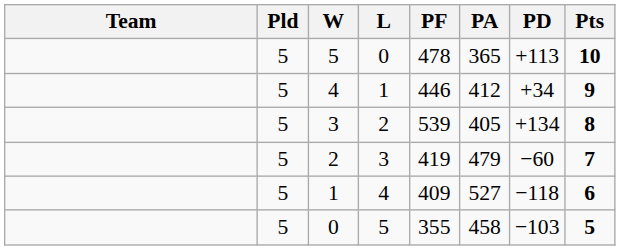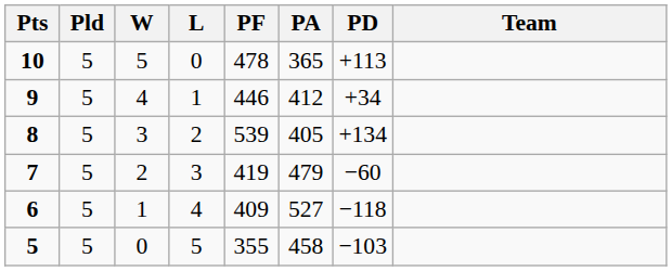 <table class=wikitable style="text-align:center">
 <tr>
-<th width=180>Team</th>
+<th width=30>Pts</th>
 <th width=30>Pld</th>
 <th width=30>W</th>
 <th width=30>L</th>
 <th width=30>PF</th>
 <th width=30>PA</th>
 <th width=30>PD</th>
-<th width=30>Pts</th>
+<th width=180>Team</th>
 </tr>
 <tr>
-<td align="left"></td>
+<td><strong>10</strong></td>
 <td>5</td>
 <td>5</td>
 <td>0</td>
 <td>478</td>
 <td>365</td>
 <td>+113</td>
-<td><strong>10</strong></td>
+<td align="left"></td>
 </tr>
 <tr>
-<td align="left"></td>
+<td><strong>9</strong></td>
 <td>5</td>
 <td>4</td>
 <td>1</td>
 <td>446</td>
 <td>412</td>
 <td>+34</td>
-<td><strong>9</strong></td>
+<td align="left"></td>
 </tr>
 <tr>
-<td align="left"></td>
+<td><strong>8</strong></td>
 <td>5</td>
 <td>3</td>
 <td>2</td>
 <td>539</td>
 <td>405</td>
 <td>+134</td>
-<td><strong>8</strong></td>
+<td align="left"></td>
 </tr>
 <tr>
-<td align="left"></td>
+<td><strong>7</strong></td>
 <td>5</td>
 <td>2</td>
 <td>3</td>
 <td>419</td>
 <td>479</td>
 <td>−60</td>
-<td><strong>7</strong></td>
+<td align="left"></td>
 </tr>
 <tr>
-<td align="left"></td>
+<td><strong>6</strong></td>
 <td>5</td>
 <td>1</td>
 <td>4</td>
 <td>409</td>
 <td>527</td>
 <td>−118</td>
-<td><strong>6</strong></td>
+<td align="left"></td>
 </tr>
 <tr>
-<td align="left"></td>
+<td><strong>5</strong></td>
 <td>5</td>
 <td>0</td>
 <td>5</td>
 <td>355</td>
 <td>458</td>
 <td>−103</td>
-<td><strong>5</strong></td>
+<td align="left"></td>
 </tr>
 </table>
